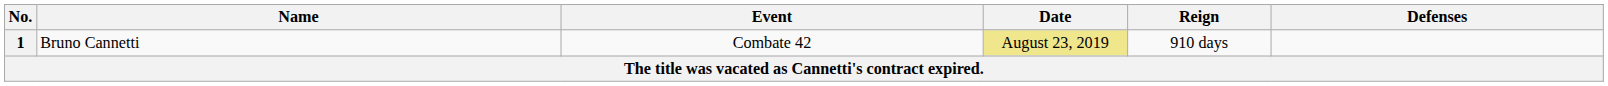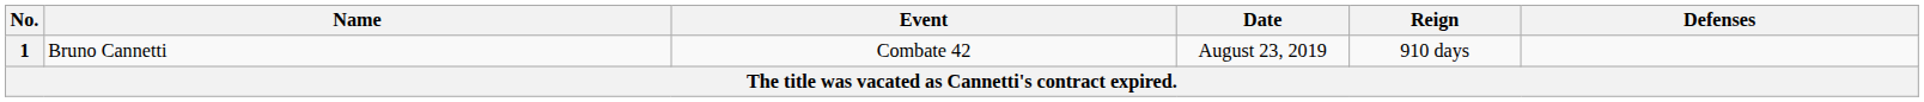 <table class="wikitable" width=100%>
 <tr>
 <th style="width:2%;">No.</th>
 <th>Name</th>
 <th>Event</th>
 <th style="width:9%;">Date</th>
 <th style="width:9%;">Reign</th>
 <th>Defenses</th>
 </tr>
 <tr>
 <th>1</th>
 <td align=left> Bruno Cannetti <br></td>
 <td align=center>Combate 42 <br></td>
-<td align=center style="background: khaki;">August 23, 2019</td>
+<td align=center>August 23, 2019</td>
 <td align=center>910 days</td>
 <td align=left></td>
 </tr>
 <tr>
 <th align="center" colspan="6">The title was vacated as Cannetti's contract expired.</th>
 </tr>
 </table>
